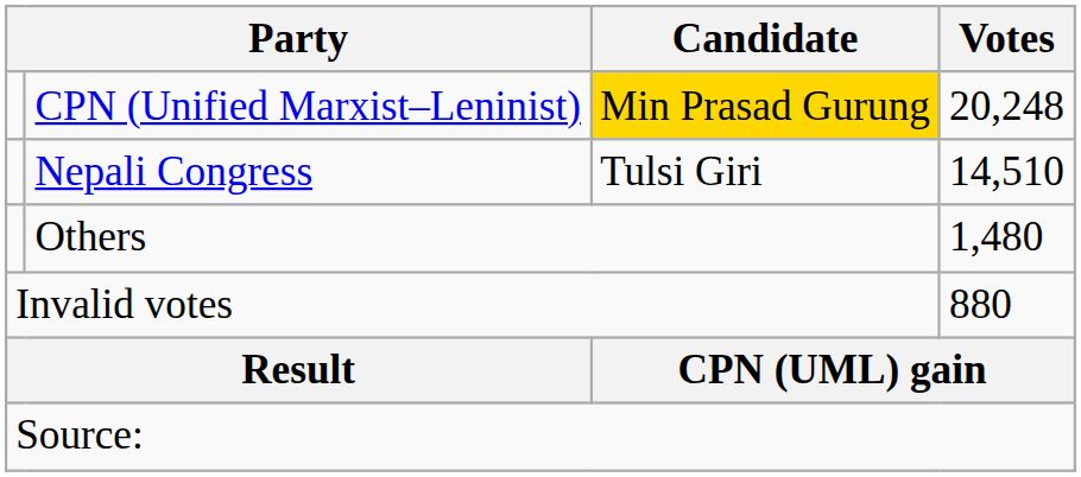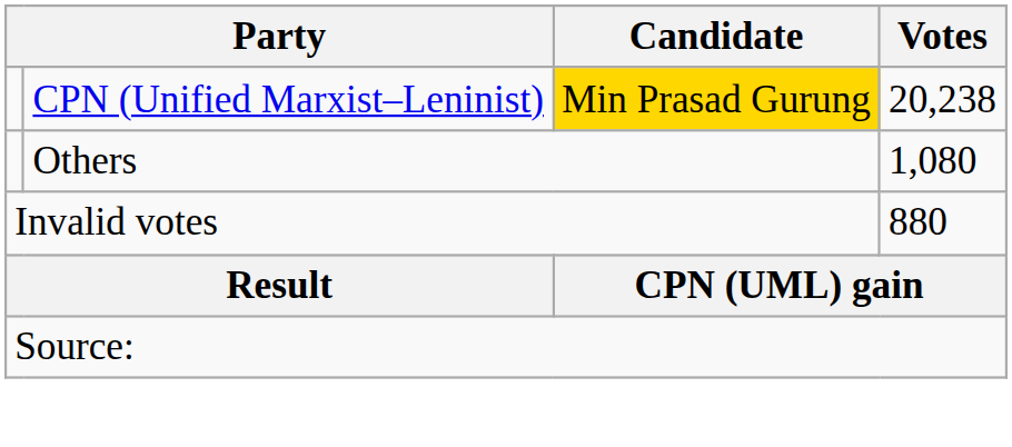 <table class="wikitable">
 <tr>
 <th colspan="2">Party</th>
 <th>Candidate</th>
 <th>Votes</th>
 </tr>
 <tr>
 <td style="background-color:"></td>
 <td><a href='#'>CPN (Unified Marxist–Leninist)</a></td>
 <td style="background: gold;">Min Prasad Gurung</td>
-<td>20,248</td>
-</tr>
-<tr>
-<td style="background-color:"></td>
-<td><a href='#'>Nepali Congress</a></td>
-<td>Tulsi Giri</td>
-<td>14,510</td>
+<td>20,238</td>
 </tr>
 <tr>
 <td></td>
 <td colspan="2">Others</td>
-<td>1,480</td>
+<td>1,080</td>
 </tr>
 <tr>
 <td colspan="3">Invalid votes</td>
 <td>880</td>
 </tr>
 <tr>
 <th colspan="2">Result</th>
 <th colspan="2">CPN (UML) gain</th>
 </tr>
 <tr>
 <td colspan="4">Source: </td>
 </tr>
 </table>
